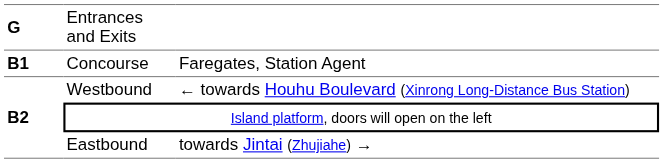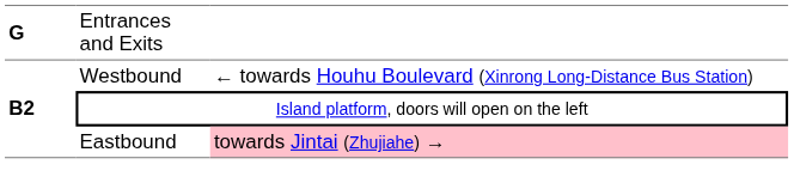 <table table border=0 cellspacing=0 cellpadding=3>
 <tr>
 <td style="border-top:solid 1px gray;border-bottom:solid 0px gray;" width=50><strong>G</strong></td>
 <td style="border-top:solid 1px gray;border-bottom:solid 0px gray;" width=100>Entrances and Exits</td>
 <td style="border-top:solid 1px gray;border-bottom:solid 0px gray;" width=450></td>
-</tr>
-<tr>
-<td style="border-top:solid 1px gray;border-bottom:solid 0px gray;" width=50><strong>B1</strong></td>
-<td style="border-top:solid 1px gray;border-bottom:solid 0px gray;" width=100>Concourse</td>
-<td style="border-top:solid 1px gray;border-bottom:solid 0px gray;" width=450>Faregates, Station Agent</td>
 </tr>
 <tr>
 <td style="border-top:solid 1px gray;border-bottom:solid 1px gray;" rowspan=3><strong>B2</strong></td>
 <td style="border-top:solid 1px gray;">Westbound</td>
 <td style="border-top:solid 1px gray;">←  towards <a href='#'>Houhu Boulevard</a> <small>(<a href='#'>Xinrong Long-Distance Bus Station</a>)</small></td>
 </tr>
 <tr>
 <td style="border-right:solid 2px black;border-left:solid 2px black;border-top:solid 2px black;border-bottom:solid 2px black;text-align:center;" colspan=2><small><a href='#'>Island platform</a>, doors will open on the left</small></td>
 </tr>
 <tr>
 <td style="border-bottom:solid 1px gray;">Eastbound</td>
-<td style="border-bottom:solid 1px gray;"> towards <a href='#'>Jintai</a> <small>(<a href='#'>Zhujiahe</a>)</small> →</td>
+<td style="background: pink; border-bottom:solid 1px gray;"> towards <a href='#'>Jintai</a> <small>(<a href='#'>Zhujiahe</a>)</small> →</td>
 </tr>
 </table>
